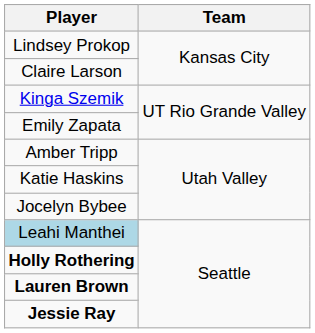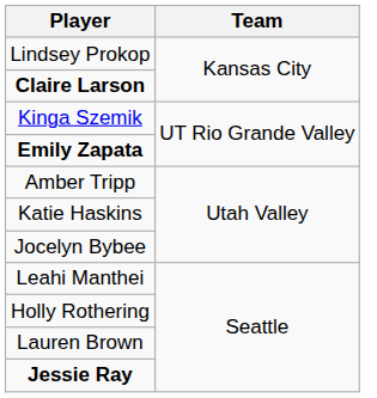 <table class="wikitable" style="text-align: center;">
 <tr>
 <th>Player</th>
 <th>Team</th>
 </tr>
 <tr>
 <td>Lindsey Prokop</td>
 <td rowspan=2>Kansas City</td>
 </tr>
 <tr>
-<td>Claire Larson</td>
+<td><strong>Claire Larson</strong></td>
 </tr>
 <tr>
 <td><a href='#'>Kinga Szemik</a></td>
 <td rowspan=2>UT Rio Grande Valley</td>
 </tr>
 <tr>
-<td>Emily Zapata</td>
+<td><strong>Emily Zapata</strong></td>
 </tr>
 <tr>
 <td>Amber Tripp</td>
 <td rowspan=3>Utah Valley</td>
 </tr>
 <tr>
 <td>Katie Haskins</td>
 </tr>
 <tr>
 <td>Jocelyn Bybee</td>
 </tr>
 <tr>
-<td style="background: lightblue;">Leahi Manthei</td>
+<td>Leahi Manthei</td>
 <td rowspan=4>Seattle</td>
 </tr>
 <tr>
-<td><strong>Holly Rothering</strong></td>
+<td>Holly Rothering</td>
 </tr>
 <tr>
-<td><strong>Lauren Brown</strong></td>
+<td>Lauren Brown</td>
 </tr>
 <tr>
 <td><strong>Jessie Ray</strong></td>
 </tr>
 </table>
